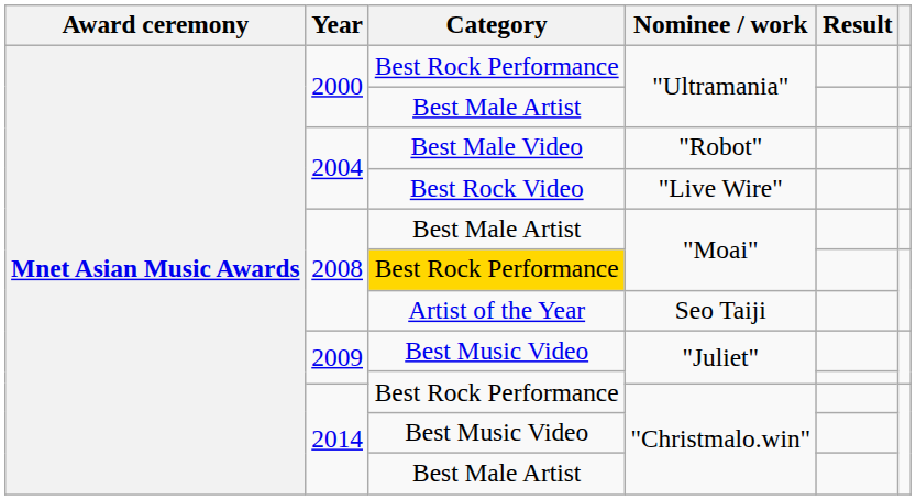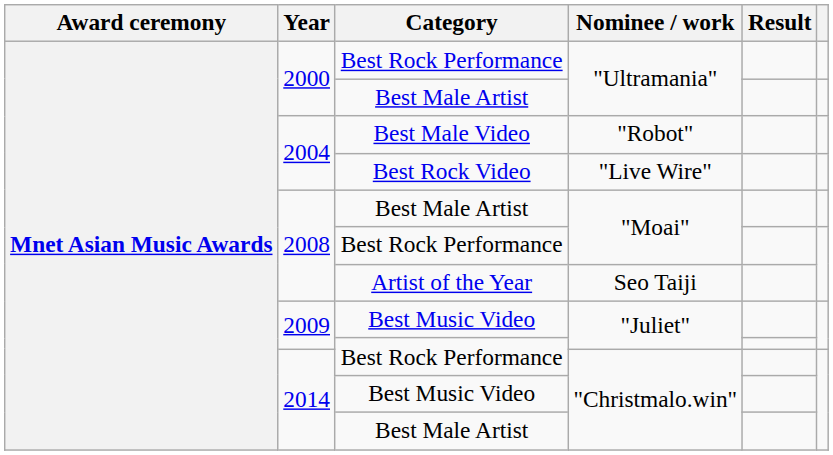 <table class="wikitable sortable plainrowheaders" style="text-align:center">
 <tr>
 <th scope="col">Award ceremony</th>
 <th scope="col">Year</th>
 <th scope="col">Category</th>
 <th scope="col">Nominee / work</th>
 <th scope="col">Result</th>
 <th scope="col" class="unsortable"></th>
 </tr>
 <tr>
 <th scope="row" rowspan="12"><a href='#'>Mnet Asian Music Awards</a></th>
 <td rowspan="2"><a href='#'>2000</a></td>
 <td><a href='#'>Best Rock Performance</a></td>
 <td rowspan="2">"Ultramania"</td>
 <td></td>
 <td></td>
 </tr>
 <tr>
 <td><a href='#'>Best Male Artist</a></td>
 <td></td>
 <td></td>
 </tr>
 <tr>
 <td rowspan="2"><a href='#'>2004</a></td>
 <td><a href='#'>Best Male Video</a></td>
 <td>"Robot"</td>
 <td></td>
 <td></td>
 </tr>
 <tr>
 <td><a href='#'>Best Rock Video</a></td>
 <td>"Live Wire"</td>
 <td></td>
 <td></td>
 </tr>
 <tr>
 <td rowspan="3"><a href='#'>2008</a></td>
 <td>Best Male Artist</td>
 <td rowspan="2">"Moai"</td>
 <td></td>
 <td></td>
 </tr>
 <tr>
-<td style="background: gold;">Best Rock Performance</td>
+<td>Best Rock Performance</td>
 <td></td>
 <td rowspan="2"></td>
 </tr>
 <tr>
 <td><a href='#'>Artist of the Year</a></td>
 <td>Seo Taiji</td>
 <td></td>
 </tr>
 <tr>
 <td rowspan="2"><a href='#'>2009</a></td>
 <td><a href='#'>Best Music Video</a></td>
 <td rowspan="2">"Juliet"</td>
 <td></td>
 <td rowspan="2"></td>
 </tr>
 <tr>
 <td rowspan="2">Best Rock Performance</td>
 <td></td>
 </tr>
 <tr>
 <td rowspan="3"><a href='#'>2014</a></td>
 <td rowspan="3">"Christmalo.win"</td>
 <td></td>
 <td rowspan="3"></td>
 </tr>
 <tr>
 <td>Best Music Video</td>
 <td></td>
 </tr>
 <tr>
 <td>Best Male Artist</td>
 <td></td>
 </tr>
 </table>
